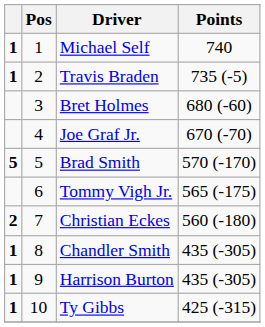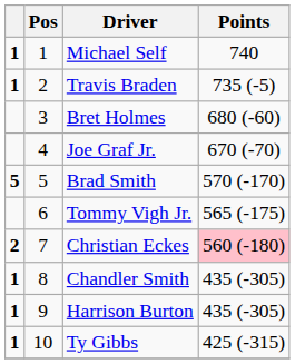 <table class="wikitable" style="font-size: 95%;">
 <tr>
 <th></th>
 <th>Pos</th>
 <th>Driver</th>
 <th>Points</th>
 </tr>
 <tr>
 <td align="left"> <strong>1</strong></td>
 <td style="text-align:center;">1</td>
 <td><a href='#'>Michael Self</a></td>
 <td style="text-align:center;">740</td>
 </tr>
 <tr>
 <td align="left"> <strong>1</strong></td>
 <td style="text-align:center;">2</td>
 <td><a href='#'>Travis Braden</a></td>
 <td style="text-align:center;">735 (-5)</td>
 </tr>
 <tr>
 <td align="left"></td>
 <td style="text-align:center;">3</td>
 <td><a href='#'>Bret Holmes</a></td>
 <td style="text-align:center;">680 (-60)</td>
 </tr>
 <tr>
 <td align="left"></td>
 <td style="text-align:center;">4</td>
 <td><a href='#'>Joe Graf Jr.</a></td>
 <td style="text-align:center;">670 (-70)</td>
 </tr>
 <tr>
 <td align="left"> <strong>5</strong></td>
 <td style="text-align:center;">5</td>
 <td><a href='#'>Brad Smith</a></td>
 <td style="text-align:center;">570 (-170)</td>
 </tr>
 <tr>
 <td align="left"></td>
 <td style="text-align:center;">6</td>
 <td><a href='#'>Tommy Vigh Jr.</a></td>
 <td style="text-align:center;">565 (-175)</td>
 </tr>
 <tr>
 <td align="left"> <strong>2</strong></td>
 <td style="text-align:center;">7</td>
 <td><a href='#'>Christian Eckes</a></td>
-<td style="text-align:center;">560 (-180)</td>
+<td style="background: pink; text-align:center;">560 (-180)</td>
 </tr>
 <tr>
 <td align="left"> <strong>1</strong></td>
 <td style="text-align:center;">8</td>
 <td><a href='#'>Chandler Smith</a></td>
 <td style="text-align:center;">435 (-305)</td>
 </tr>
 <tr>
 <td align="left"> <strong>1</strong></td>
 <td style="text-align:center;">9</td>
 <td><a href='#'>Harrison Burton</a></td>
 <td style="text-align:center;">435 (-305)</td>
 </tr>
 <tr>
 <td align="left"> <strong>1</strong></td>
 <td style="text-align:center;">10</td>
 <td><a href='#'>Ty Gibbs</a></td>
 <td style="text-align:center;">425 (-315)</td>
 </tr>
 <tr class="sortbottom">
 </tr>
 </table>
